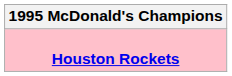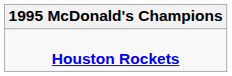 <table class=wikitable style="text-align:center; margin:auto">
 <tr>
 <th>1995 McDonald's Champions</th>
 </tr>
 <tr>
-<td style="background: pink;"><br><strong><a href='#'>Houston Rockets</a></strong></td>
+<td><br><strong><a href='#'>Houston Rockets</a></strong></td>
 </tr>
 </table>
